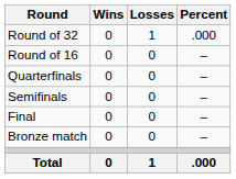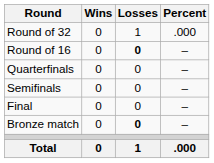 <table class=wikitable>
 <tr>
 <th>Round</th>
 <th>Wins</th>
 <th>Losses</th>
 <th>Percent</th>
 </tr>
 <tr align=center>
 <td align=left>Round of 32</td>
 <td>0</td>
 <td>1</td>
 <td>.000</td>
 </tr>
 <tr align=center>
 <td align=left>Round of 16</td>
 <td>0</td>
-<td>0</td>
+<td><strong>0</strong></td>
 <td>–</td>
 </tr>
 <tr align=center>
 <td align=left>Quarterfinals</td>
 <td>0</td>
 <td>0</td>
 <td>–</td>
 </tr>
 <tr align=center>
 <td align=left>Semifinals</td>
 <td>0</td>
 <td>0</td>
 <td>–</td>
 </tr>
 <tr align=center>
 <td align=left>Final</td>
 <td>0</td>
 <td>0</td>
 <td>–</td>
 </tr>
 <tr align=center>
 <td align=left>Bronze match</td>
 <td>0</td>
-<td>0</td>
+<td><strong>0</strong></td>
 <td>–</td>
 </tr>
 <tr>
 <td colspan=4 bgcolor=lightgray></td>
 </tr>
 <tr>
 <th>Total</th>
 <th>0</th>
 <th>1</th>
 <th>.000</th>
 </tr>
 </table>
